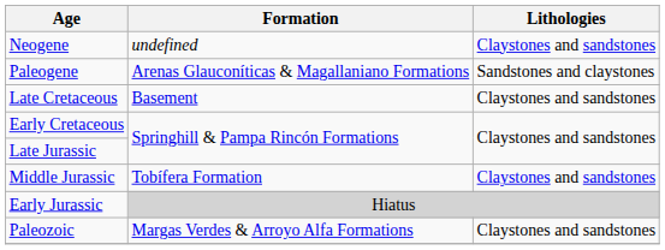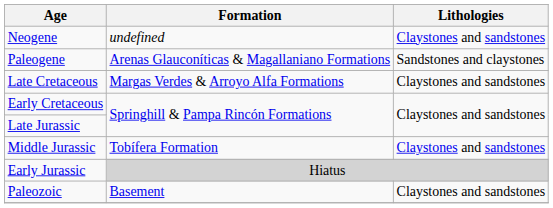 <table class="wikitable sortable">
 <tr>
 <th>Age</th>
 <th>Formation</th>
 <th>Lithologies</th>
 </tr>
 <tr>
 <td style="background-color: "><a href='#'>Neogene</a></td>
 <td><em>undefined</em></td>
 <td><a href='#'>Claystones</a> and <a href='#'>sandstones</a></td>
 </tr>
 <tr>
 <td style="background-color: "><a href='#'>Paleogene</a></td>
 <td><a href='#'>Arenas Glauconíticas</a> & <a href='#'>Magallaniano Formations</a></td>
 <td>Sandstones and claystones</td>
 </tr>
 <tr>
 <td style="background-color: "><a href='#'>Late Cretaceous</a></td>
-<td><a href='#'>Basement</a></td>
+<td><a href='#'>Margas Verdes</a> & <a href='#'>Arroyo Alfa Formations</a></td>
 <td>Claystones and sandstones</td>
 </tr>
 <tr>
 <td style="background-color: "><a href='#'>Early Cretaceous</a></td>
 <td rowspan=2><a href='#'>Springhill</a> & <a href='#'>Pampa Rincón Formations</a></td>
 <td rowspan=2>Claystones and sandstones</td>
 </tr>
 <tr>
 <td style="background-color: "><a href='#'>Late Jurassic</a></td>
 </tr>
 <tr>
 <td style="background-color: "><a href='#'>Middle Jurassic</a></td>
 <td><a href='#'>Tobífera Formation</a></td>
 <td><a href='#'>Claystones</a> and <a href='#'>sandstones</a></td>
 </tr>
 <tr>
 <td style="background-color: "><a href='#'>Early Jurassic</a></td>
 <td style="background-color:lightgrey" colspan=2 align=center>Hiatus</td>
 </tr>
 <tr>
 <td style="background-color: "><a href='#'>Paleozoic</a></td>
-<td><a href='#'>Margas Verdes</a> & <a href='#'>Arroyo Alfa Formations</a></td>
+<td><a href='#'>Basement</a></td>
 <td>Claystones and sandstones</td>
 </tr>
 <tr>
 </tr>
 </table>
